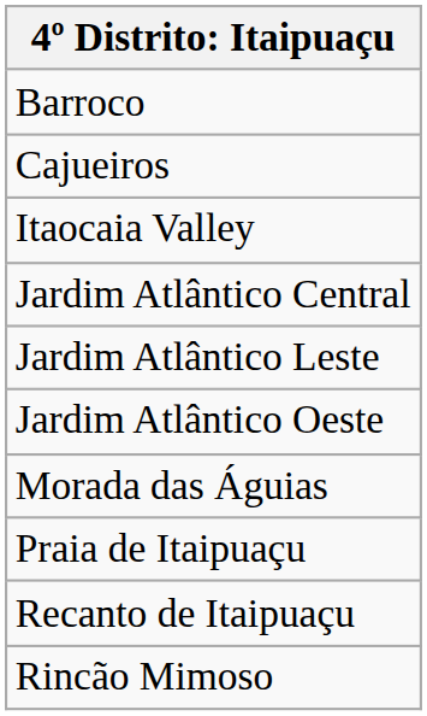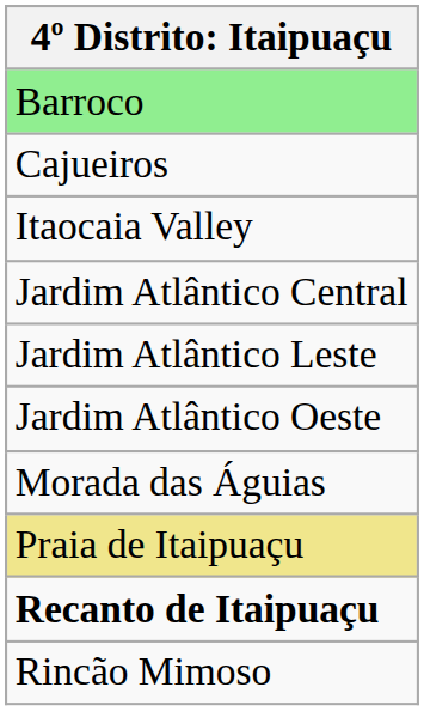 <table class="wikitable">
 <tr>
 <th><strong>4º Distrito: Itaipuaçu</strong></th>
 </tr>
 <tr>
-<td>Barroco</td>
+<td style="background: lightgreen;">Barroco</td>
 </tr>
 <tr>
 <td>Cajueiros</td>
 </tr>
 <tr>
 <td>Itaocaia Valley</td>
 </tr>
 <tr>
 <td>Jardim Atlântico Central</td>
 </tr>
 <tr>
 <td>Jardim Atlântico Leste</td>
 </tr>
 <tr>
 <td>Jardim Atlântico Oeste</td>
 </tr>
 <tr>
 <td>Morada das Águias</td>
 </tr>
 <tr>
-<td>Praia de Itaipuaçu</td>
+<td style="background: khaki;">Praia de Itaipuaçu</td>
 </tr>
 <tr>
-<td>Recanto de Itaipuaçu</td>
+<td><strong>Recanto de Itaipuaçu</strong></td>
 </tr>
 <tr>
 <td>Rincão Mimoso</td>
 </tr>
 </table>
